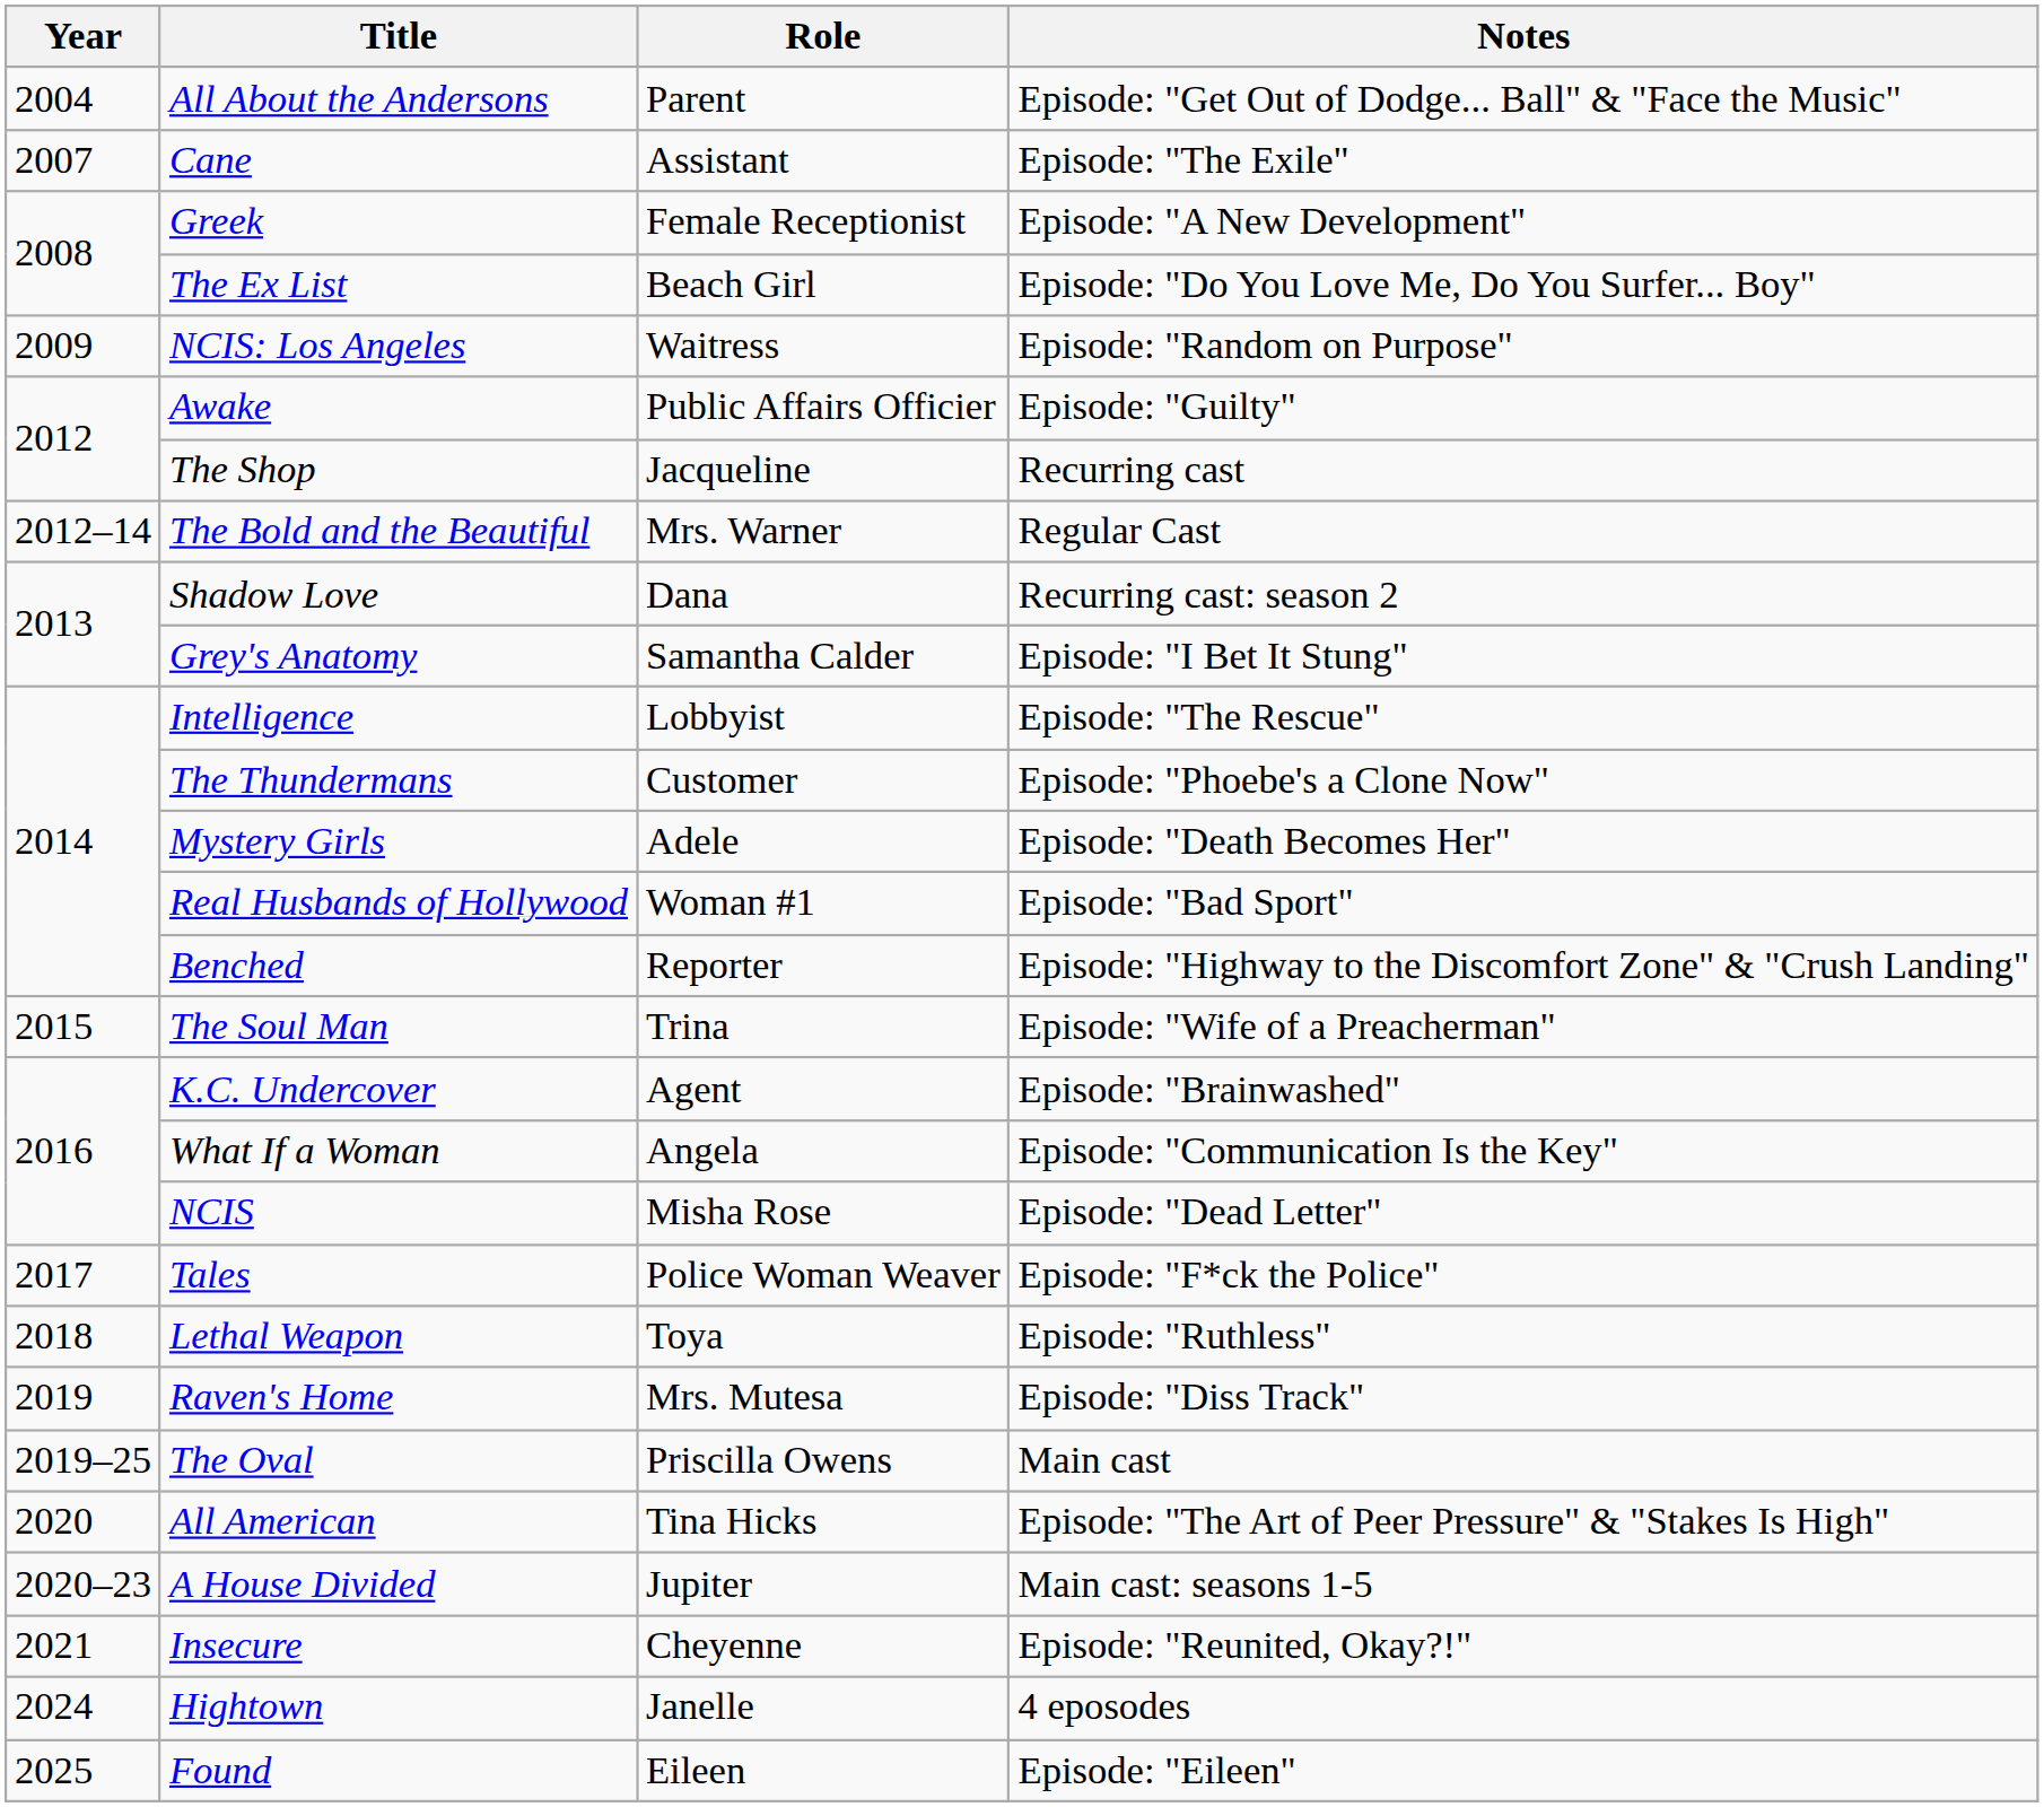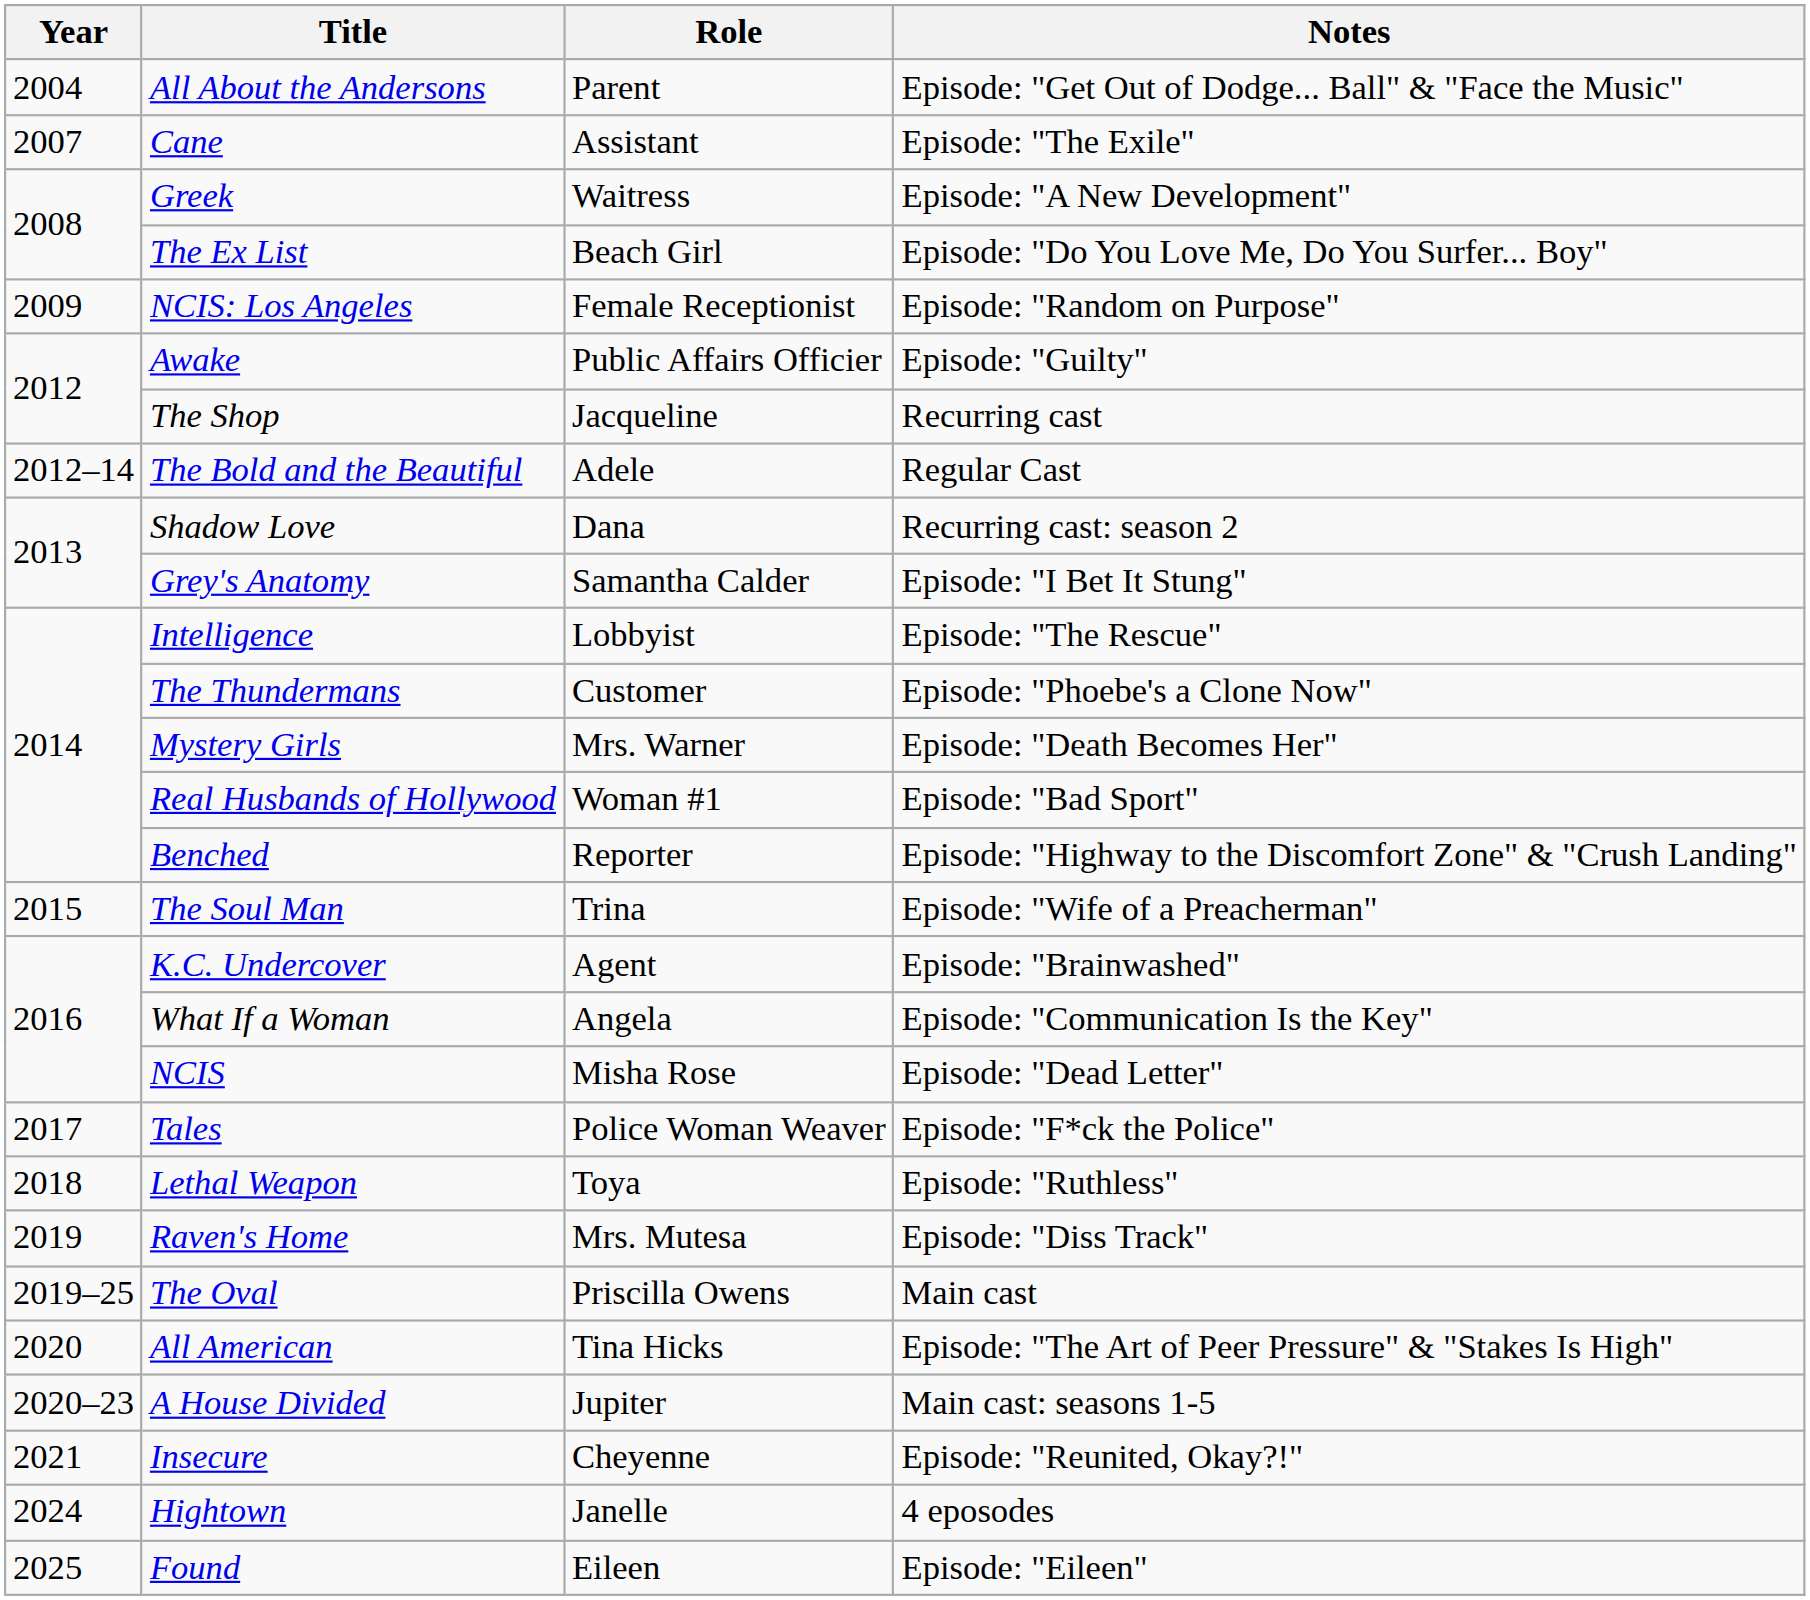 <table class="wikitable sortable">
 <tr>
 <th>Year</th>
 <th>Title</th>
 <th>Role</th>
 <th>Notes</th>
 </tr>
 <tr>
 <td>2004</td>
 <td><em><a href='#'>All About the Andersons</a></em></td>
 <td>Parent</td>
 <td>Episode: "Get Out of Dodge... Ball" & "Face the Music"</td>
 </tr>
 <tr>
 <td>2007</td>
 <td><em><a href='#'>Cane</a></em></td>
 <td>Assistant</td>
 <td>Episode: "The Exile"</td>
 </tr>
 <tr>
 <td rowspan="2">2008</td>
 <td><em><a href='#'>Greek</a></em></td>
-<td>Female Receptionist</td>
+<td>Waitress</td>
 <td>Episode: "A New Development"</td>
 </tr>
 <tr>
 <td><em><a href='#'>The Ex List</a></em></td>
 <td>Beach Girl</td>
 <td>Episode: "Do You Love Me, Do You Surfer... Boy"</td>
 </tr>
 <tr>
 <td>2009</td>
 <td><em><a href='#'>NCIS: Los Angeles</a></em></td>
-<td>Waitress</td>
+<td>Female Receptionist</td>
 <td>Episode: "Random on Purpose"</td>
 </tr>
 <tr>
 <td rowspan="2">2012</td>
 <td><em><a href='#'>Awake</a></em></td>
 <td>Public Affairs Officier</td>
 <td>Episode: "Guilty"</td>
 </tr>
 <tr>
 <td><em>The Shop</em></td>
 <td>Jacqueline</td>
 <td>Recurring cast</td>
 </tr>
 <tr>
 <td>2012–14</td>
 <td><em><a href='#'>The Bold and the Beautiful</a></em></td>
-<td>Mrs. Warner</td>
+<td>Adele</td>
 <td>Regular Cast</td>
 </tr>
 <tr>
 <td rowspan="2">2013</td>
 <td><em>Shadow Love</em></td>
 <td>Dana</td>
 <td>Recurring cast: season 2</td>
 </tr>
 <tr>
 <td><em><a href='#'>Grey's Anatomy</a></em></td>
 <td>Samantha Calder</td>
 <td>Episode: "I Bet It Stung"</td>
 </tr>
 <tr>
 <td rowspan="5">2014</td>
 <td><em><a href='#'>Intelligence</a></em></td>
 <td>Lobbyist</td>
 <td>Episode: "The Rescue"</td>
 </tr>
 <tr>
 <td><em><a href='#'>The Thundermans</a></em></td>
 <td>Customer</td>
 <td>Episode: "Phoebe's a Clone Now"</td>
 </tr>
 <tr>
 <td><em><a href='#'>Mystery Girls</a></em></td>
-<td>Adele</td>
+<td>Mrs. Warner</td>
 <td>Episode: "Death Becomes Her"</td>
 </tr>
 <tr>
 <td><em><a href='#'>Real Husbands of Hollywood</a></em></td>
 <td>Woman #1</td>
 <td>Episode: "Bad Sport"</td>
 </tr>
 <tr>
 <td><em><a href='#'>Benched</a></em></td>
 <td>Reporter</td>
 <td>Episode: "Highway to the Discomfort Zone" & "Crush Landing"</td>
 </tr>
 <tr>
 <td>2015</td>
 <td><em><a href='#'>The Soul Man</a></em></td>
 <td>Trina</td>
 <td>Episode: "Wife of a Preacherman"</td>
 </tr>
 <tr>
 <td rowspan="3">2016</td>
 <td><em><a href='#'>K.C. Undercover</a></em></td>
 <td>Agent</td>
 <td>Episode: "Brainwashed"</td>
 </tr>
 <tr>
 <td><em>What If a Woman</em></td>
 <td>Angela</td>
 <td>Episode: "Communication Is the Key"</td>
 </tr>
 <tr>
 <td><em><a href='#'>NCIS</a></em></td>
 <td>Misha Rose</td>
 <td>Episode: "Dead Letter"</td>
 </tr>
 <tr>
 <td>2017</td>
 <td><em><a href='#'>Tales</a></em></td>
 <td>Police Woman Weaver</td>
 <td>Episode: "F*ck the Police"</td>
 </tr>
 <tr>
 <td>2018</td>
 <td><em><a href='#'>Lethal Weapon</a></em></td>
 <td>Toya</td>
 <td>Episode: "Ruthless"</td>
 </tr>
 <tr>
 <td>2019</td>
 <td><em><a href='#'>Raven's Home</a></em></td>
 <td>Mrs. Mutesa</td>
 <td>Episode: "Diss Track"</td>
 </tr>
 <tr>
 <td>2019–25</td>
 <td><em><a href='#'>The Oval</a></em></td>
 <td>Priscilla Owens</td>
 <td>Main cast</td>
 </tr>
 <tr>
 <td>2020</td>
 <td><em><a href='#'>All American</a></em></td>
 <td>Tina Hicks</td>
 <td>Episode: "The Art of Peer Pressure" & "Stakes Is High"</td>
 </tr>
 <tr>
 <td>2020–23</td>
 <td><em><a href='#'>A House Divided</a></em></td>
 <td>Jupiter</td>
 <td>Main cast: seasons 1-5</td>
 </tr>
 <tr>
 <td>2021</td>
 <td><em><a href='#'>Insecure</a></em></td>
 <td>Cheyenne</td>
 <td>Episode: "Reunited, Okay?!"</td>
 </tr>
 <tr>
 <td>2024</td>
 <td><em><a href='#'>Hightown</a></em></td>
 <td>Janelle</td>
 <td>4 eposodes</td>
 </tr>
 <tr>
 <td>2025</td>
 <td><em><a href='#'>Found</a></em></td>
 <td>Eileen</td>
 <td>Episode: "Eileen"</td>
 </tr>
 </table>
